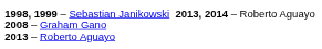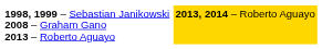 <table cellpadding="3" style="font-size:.9em">
 <tr>
 </tr>
 <tr>
 </tr>
 <tr style="vertical-align:top;">
 <td><strong>1998, 1999</strong> – <a href='#'>Sebastian Janikowski</a><br><strong>2008</strong> – <a href='#'>Graham Gano</a><br><strong>2013</strong> – <a href='#'>Roberto Aguayo</a></td>
-<td><strong>2013, 2014</strong> – Roberto Aguayo</td>
+<td style="background: gold;"><strong>2013, 2014</strong> – Roberto Aguayo</td>
 </tr>
 </table>
